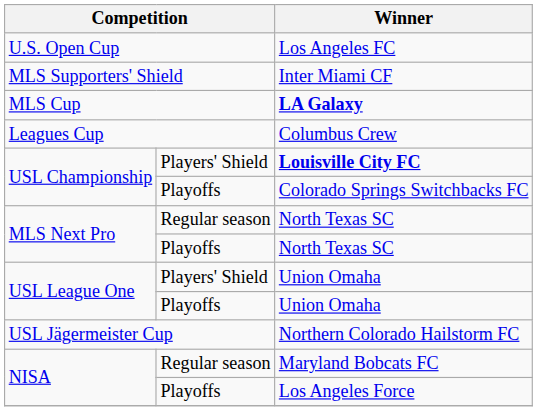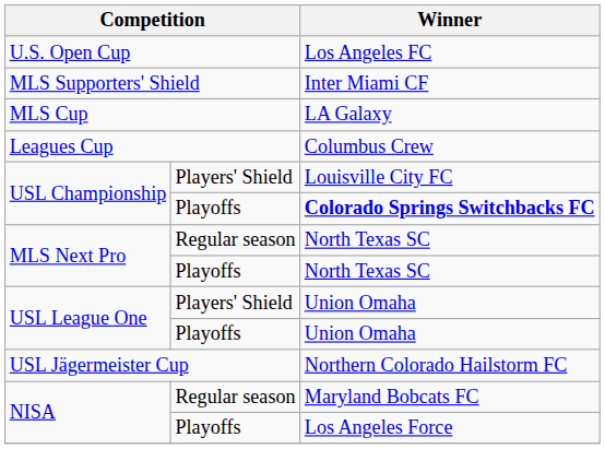 <table class="wikitable">
 <tr>
 <th colspan=2>Competition</th>
 <th>Winner</th>
 </tr>
 <tr>
 <td colspan=2><a href='#'>U.S. Open Cup</a></td>
 <td><a href='#'>Los Angeles FC</a></td>
 </tr>
 <tr>
 <td colspan=2><a href='#'>MLS Supporters' Shield</a></td>
 <td><a href='#'>Inter Miami CF</a></td>
 </tr>
 <tr>
 <td colspan=2><a href='#'>MLS Cup</a></td>
-<td><strong><a href='#'>LA Galaxy</a></strong></td>
+<td><a href='#'>LA Galaxy</a></td>
 </tr>
 <tr>
 <td colspan=2><a href='#'>Leagues Cup</a></td>
 <td><a href='#'>Columbus Crew</a></td>
 </tr>
 <tr>
 <td rowspan=2><a href='#'>USL Championship</a></td>
 <td>Players' Shield</td>
-<td><strong><a href='#'>Louisville City FC</a></strong></td>
+<td><a href='#'>Louisville City FC</a></td>
 </tr>
 <tr>
 <td>Playoffs</td>
-<td><a href='#'>Colorado Springs Switchbacks FC</a></td>
+<td><strong><a href='#'>Colorado Springs Switchbacks FC</a></strong></td>
 </tr>
 <tr>
 <td rowspan=2><a href='#'>MLS Next Pro</a></td>
 <td>Regular season</td>
 <td><a href='#'>North Texas SC</a></td>
 </tr>
 <tr>
 <td>Playoffs</td>
 <td><a href='#'>North Texas SC</a></td>
 </tr>
 <tr>
 <td rowspan=2><a href='#'>USL League One</a></td>
 <td>Players' Shield</td>
 <td><a href='#'>Union Omaha</a></td>
 </tr>
 <tr>
 <td>Playoffs</td>
 <td><a href='#'>Union Omaha</a></td>
 </tr>
 <tr>
 <td colspan=2><a href='#'>USL Jägermeister Cup</a></td>
 <td><a href='#'>Northern Colorado Hailstorm FC</a></td>
 </tr>
 <tr>
 <td rowspan=2><a href='#'>NISA</a></td>
 <td>Regular season</td>
 <td><a href='#'>Maryland Bobcats FC</a></td>
 </tr>
 <tr>
 <td>Playoffs</td>
 <td><a href='#'>Los Angeles Force</a></td>
 </tr>
 <tr>
 </tr>
 </table>
